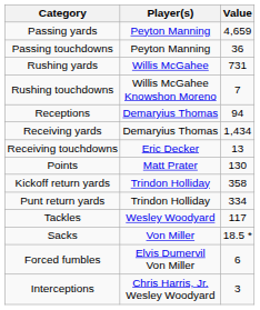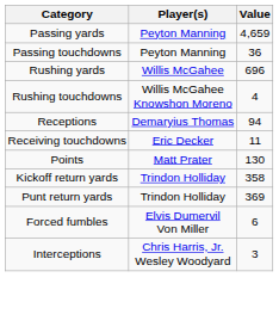 <table class="wikitable" style="text-align:center">
 <tr>
 <th>Category</th>
 <th>Player(s)</th>
 <th>Value</th>
 </tr>
 <tr>
 <td>Passing yards</td>
 <td><a href='#'>Peyton Manning</a></td>
 <td>4,659</td>
 </tr>
 <tr>
 <td>Passing touchdowns</td>
 <td>Peyton Manning</td>
 <td>36</td>
 </tr>
 <tr>
 <td>Rushing yards</td>
 <td><a href='#'>Willis McGahee</a></td>
-<td>731</td>
+<td>696</td>
 </tr>
 <tr>
 <td>Rushing touchdowns</td>
 <td>Willis McGahee<br><a href='#'>Knowshon Moreno</a></td>
-<td>7</td>
+<td>4</td>
 </tr>
 <tr>
 <td>Receptions</td>
 <td><a href='#'>Demaryius Thomas</a></td>
 <td>94</td>
 </tr>
 <tr>
-<td>Receiving yards</td>
-<td>Demaryius Thomas</td>
-<td>1,434</td>
-</tr>
-<tr>
 <td>Receiving touchdowns</td>
 <td><a href='#'>Eric Decker</a></td>
-<td>13</td>
+<td>11</td>
 </tr>
 <tr>
 <td>Points</td>
 <td><a href='#'>Matt Prater</a></td>
 <td>130</td>
 </tr>
 <tr>
 <td>Kickoff return yards</td>
 <td><a href='#'>Trindon Holliday</a></td>
 <td>358</td>
 </tr>
 <tr>
 <td>Punt return yards</td>
 <td>Trindon Holliday</td>
-<td>334</td>
-</tr>
-<tr>
-<td>Tackles</td>
-<td><a href='#'>Wesley Woodyard</a></td>
-<td>117</td>
-</tr>
-<tr>
-<td>Sacks</td>
-<td><a href='#'>Von Miller</a></td>
-<td>18.5 *</td>
+<td>369</td>
 </tr>
 <tr>
 <td>Forced fumbles</td>
 <td><a href='#'>Elvis Dumervil</a><br>Von Miller</td>
 <td>6</td>
 </tr>
 <tr>
 <td>Interceptions</td>
 <td><a href='#'>Chris Harris, Jr.</a><br>Wesley Woodyard</td>
 <td>3</td>
 </tr>
 </table>
